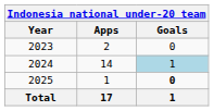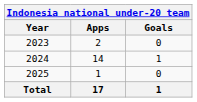 <table class="wikitable" style="text-align:center">
 <tr>
 <th colspan=4><a href='#'>Indonesia national under-20 team</a></th>
 </tr>
 <tr>
 <th>Year</th>
 <th>Apps</th>
 <th>Goals</th>
 </tr>
 <tr>
 <td>2023</td>
 <td>2</td>
 <td>0</td>
 </tr>
 <tr>
 <td>2024</td>
 <td>14</td>
-<td style="background: lightblue;">1</td>
+<td>1</td>
 </tr>
 <tr>
 <td>2025</td>
 <td>1</td>
-<td><strong>0</strong></td>
+<td>0</td>
 </tr>
 <tr>
 <th>Total</th>
 <th>17</th>
 <th>1</th>
 </tr>
 </table>
